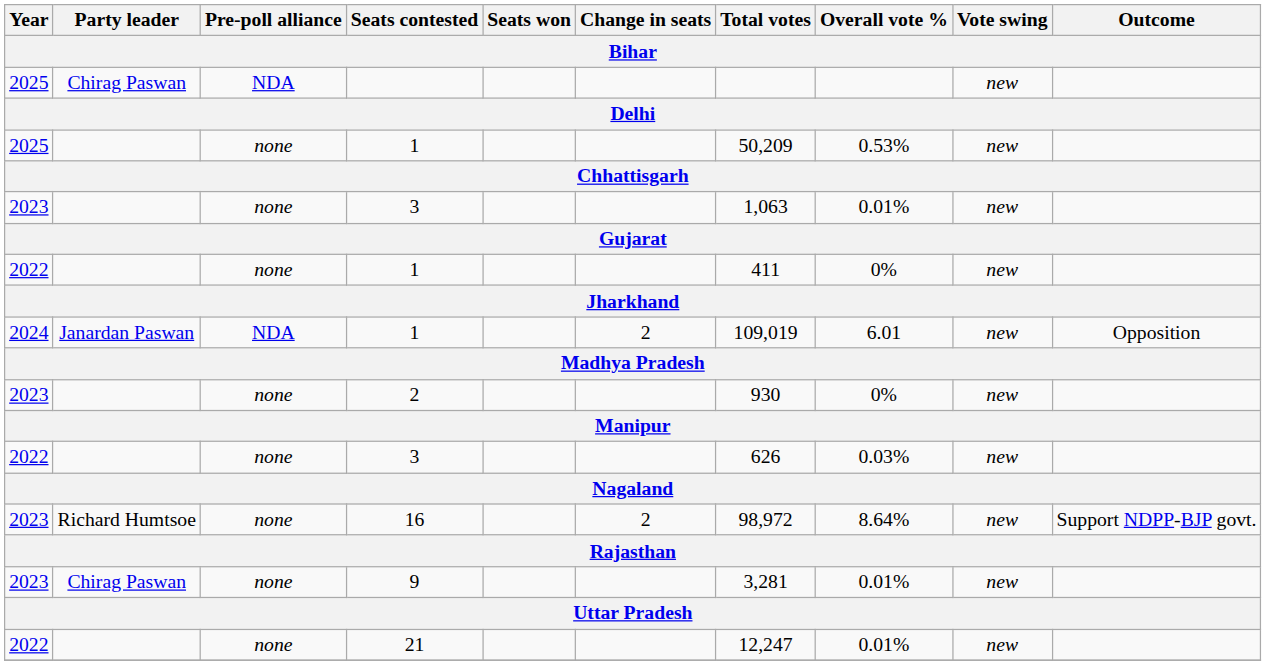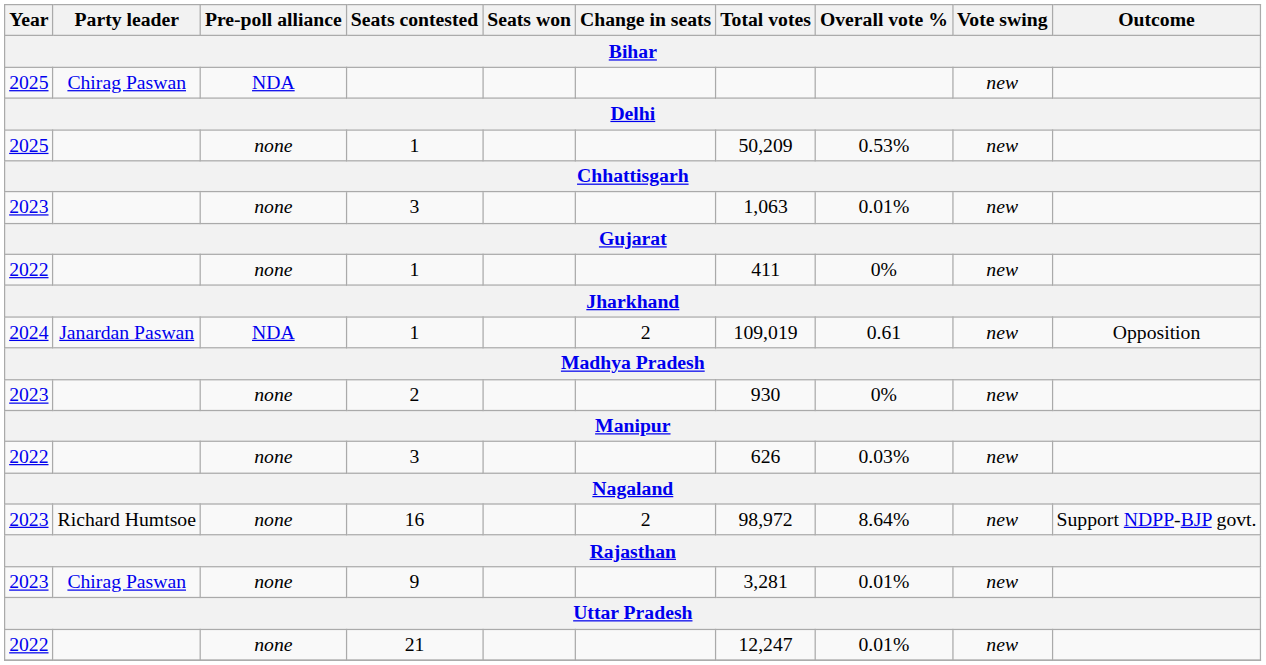 <table class="wikitable sortable" style="text-align:center;">
 <tr>
 <th Style="background-color:">Year</th>
 <th Style="background-color:">Party leader</th>
 <th Style="background-color:">Pre-poll alliance</th>
 <th Style="background-color:">Seats contested</th>
 <th Style="background-color:">Seats won</th>
 <th Style="background-color:">Change in seats</th>
 <th Style="background-color:">Total votes</th>
 <th Style="background-color:">Overall vote %</th>
 <th Style="background-color:">Vote swing</th>
 <th Style="background-color:">Outcome</th>
 </tr>
 <tr>
 <th Colspan=10><a href='#'>Bihar</a></th>
 </tr>
 <tr>
 <td><a href='#'>2025</a></td>
 <td><a href='#'>Chirag Paswan</a></td>
 <td><a href='#'>NDA</a></td>
 <td></td>
 <td></td>
 <td></td>
 <td></td>
 <td></td>
 <td><em>new</em></td>
 <td></td>
 </tr>
 <tr>
 <th Colspan=10><a href='#'>Delhi</a></th>
 </tr>
 <tr>
 <td><a href='#'>2025</a></td>
 <td></td>
 <td><em>none</em></td>
 <td>1</td>
 <td></td>
 <td></td>
 <td>50,209</td>
 <td>0.53%</td>
 <td><em>new</em></td>
 <td></td>
 </tr>
 <tr>
 <th Colspan=10><a href='#'>Chhattisgarh</a></th>
 </tr>
 <tr>
 <td><a href='#'>2023</a></td>
 <td></td>
 <td><em>none</em></td>
 <td>3</td>
 <td></td>
 <td></td>
 <td>1,063</td>
 <td>0.01%</td>
 <td><em>new</em></td>
 <td></td>
 </tr>
 <tr>
 <th Colspan=10><a href='#'>Gujarat</a></th>
 </tr>
 <tr>
 <td><a href='#'>2022</a></td>
 <td></td>
 <td><em>none</em></td>
 <td>1</td>
 <td></td>
 <td></td>
 <td>411</td>
 <td>0%</td>
 <td><em>new</em></td>
 <td></td>
 </tr>
 <tr>
 <th Colspan=10><a href='#'>Jharkhand</a></th>
 </tr>
 <tr>
 <td><a href='#'>2024</a></td>
 <td><a href='#'>Janardan Paswan</a></td>
 <td><a href='#'>NDA</a></td>
 <td>1</td>
 <td></td>
 <td>2</td>
 <td>109,019</td>
-<td>6.01</td>
+<td>0.61</td>
 <td><em>new</em></td>
 <td>Opposition</td>
 </tr>
 <tr>
 <th Colspan=10><a href='#'>Madhya Pradesh</a></th>
 </tr>
 <tr>
 <td><a href='#'>2023</a></td>
 <td></td>
 <td><em>none</em></td>
 <td>2</td>
 <td></td>
 <td></td>
 <td>930</td>
 <td>0%</td>
 <td><em>new</em></td>
 <td></td>
 </tr>
 <tr>
 <th Colspan=10><a href='#'>Manipur</a></th>
 </tr>
 <tr>
 <td><a href='#'>2022</a></td>
 <td></td>
 <td><em>none</em></td>
 <td>3</td>
 <td></td>
 <td></td>
 <td>626</td>
 <td>0.03%</td>
 <td><em>new</em></td>
 <td></td>
 </tr>
 <tr>
 <th Colspan=10><a href='#'>Nagaland</a></th>
 </tr>
 <tr>
 <td><a href='#'>2023</a></td>
 <td>Richard Humtsoe</td>
 <td><em>none</em></td>
 <td>16</td>
 <td></td>
 <td>2</td>
 <td>98,972</td>
 <td>8.64%</td>
 <td><em>new</em></td>
 <td>Support <a href='#'>NDPP</a>-<a href='#'>BJP</a> govt.</td>
 </tr>
 <tr>
 <th Colspan=10><a href='#'>Rajasthan</a></th>
 </tr>
 <tr>
 <td><a href='#'>2023</a></td>
 <td><a href='#'>Chirag Paswan</a></td>
 <td><em>none</em></td>
 <td>9</td>
 <td></td>
 <td></td>
 <td>3,281</td>
 <td>0.01%</td>
 <td><em>new</em></td>
 <td></td>
 </tr>
 <tr>
 <th Colspan=10><a href='#'>Uttar Pradesh</a></th>
 </tr>
 <tr>
 <td><a href='#'>2022</a></td>
 <td></td>
 <td><em>none</em></td>
 <td>21</td>
 <td></td>
 <td></td>
 <td>12,247</td>
 <td>0.01%</td>
 <td><em>new</em></td>
 <td></td>
 </tr>
 <tr>
 </tr>
 </table>
